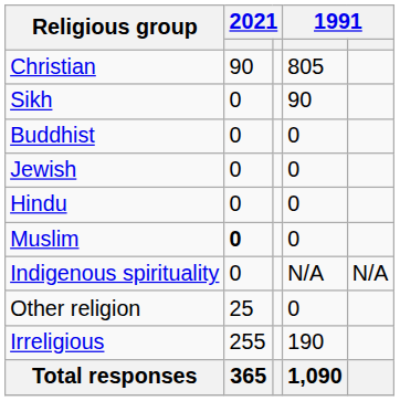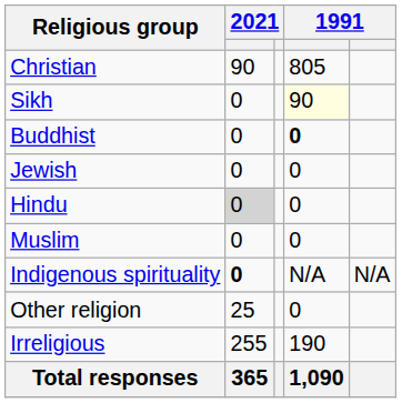 <table class="wikitable collapsible sortable">
 <tr>
 <th rowspan="2">Religious group</th>
 <th colspan="2"><a href='#'>2021</a></th>
 <th colspan="2"><a href='#'>1991</a></th>
 </tr>
 <tr>
 <th><a href='#'></a></th>
 <th></th>
 <th></th>
 <th></th>
 </tr>
 <tr>
 <td><a href='#'>Christian</a></td>
 <td>90</td>
 <td></td>
 <td>805</td>
 <td></td>
 </tr>
 <tr>
 <td><a href='#'>Sikh</a></td>
 <td>0</td>
 <td></td>
-<td>90</td>
+<td style="background: lightyellow;">90</td>
 <td></td>
 </tr>
 <tr>
 <td><a href='#'>Buddhist</a></td>
 <td>0</td>
 <td></td>
-<td>0</td>
+<td><strong>0</strong></td>
 <td></td>
 </tr>
 <tr>
 <td><a href='#'>Jewish</a></td>
 <td>0</td>
 <td></td>
 <td>0</td>
 <td></td>
 </tr>
 <tr>
 <td><a href='#'>Hindu</a></td>
+<td style="background: lightgrey;">0</td>
+<td></td>
+<td>0</td>
+<td></td>
+</tr>
+<tr>
+<td><a href='#'>Muslim</a></td>
 <td>0</td>
 <td></td>
 <td>0</td>
 <td></td>
 </tr>
 <tr>
-<td><a href='#'>Muslim</a></td>
+<td><a href='#'>Indigenous spirituality</a></td>
 <td><strong>0</strong></td>
-<td></td>
-<td>0</td>
-<td></td>
-</tr>
-<tr>
-<td><a href='#'>Indigenous spirituality</a></td>
-<td>0</td>
 <td></td>
 <td>N/A</td>
 <td>N/A</td>
 </tr>
 <tr>
 <td>Other religion</td>
 <td>25</td>
 <td></td>
 <td>0</td>
 <td></td>
 </tr>
 <tr>
 <td><a href='#'>Irreligious</a></td>
 <td>255</td>
 <td></td>
 <td>190</td>
 <td></td>
 </tr>
 <tr class="sortbottom">
 <th>Total responses</th>
 <th>365</th>
 <th></th>
 <th>1,090</th>
 <th></th>
 </tr>
 <tr>
 </tr>
 </table>
